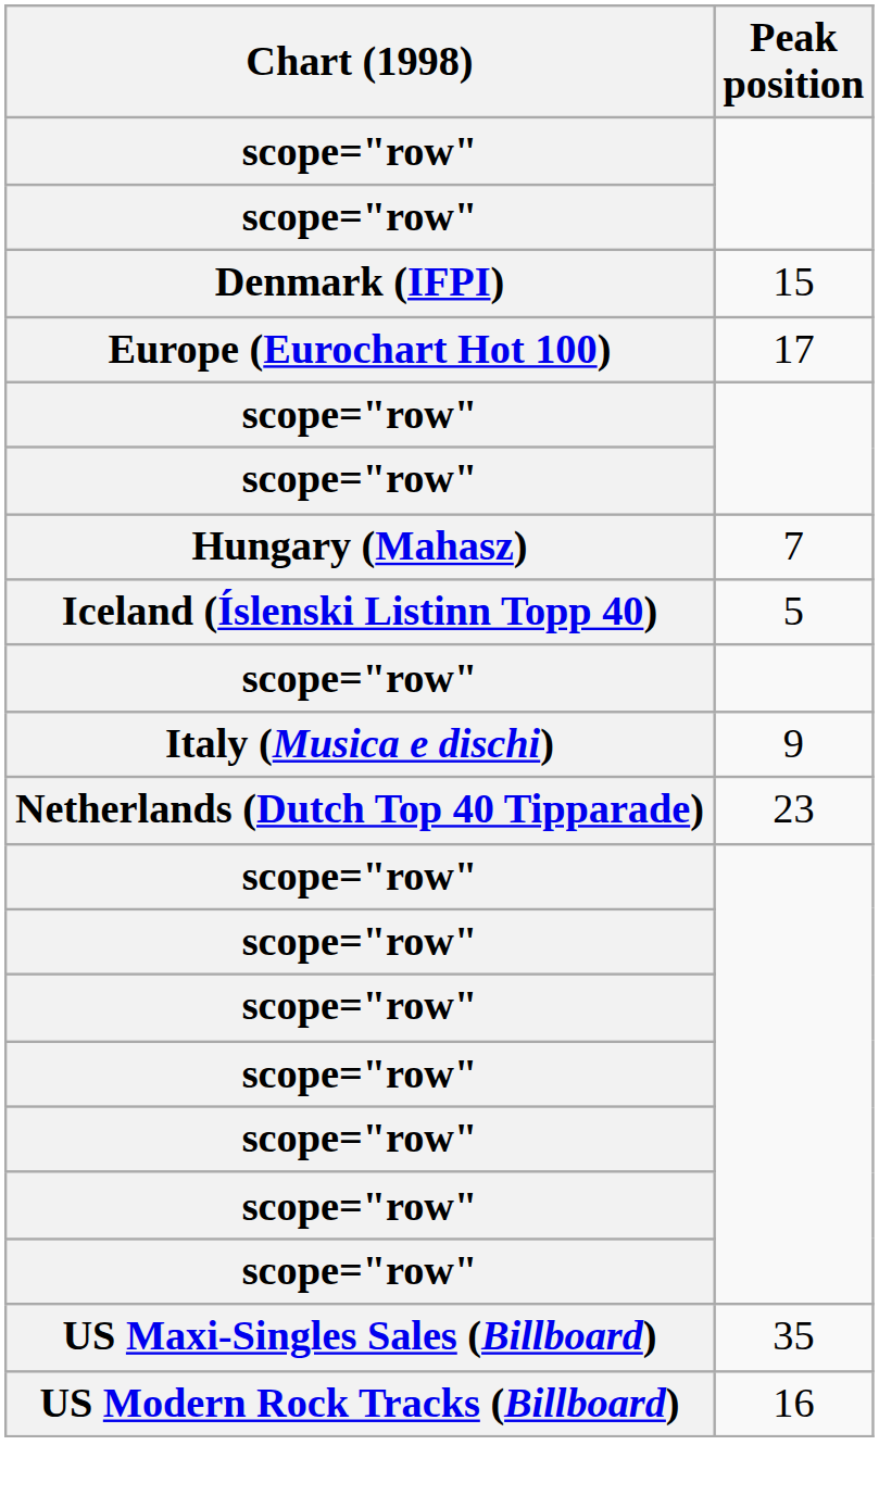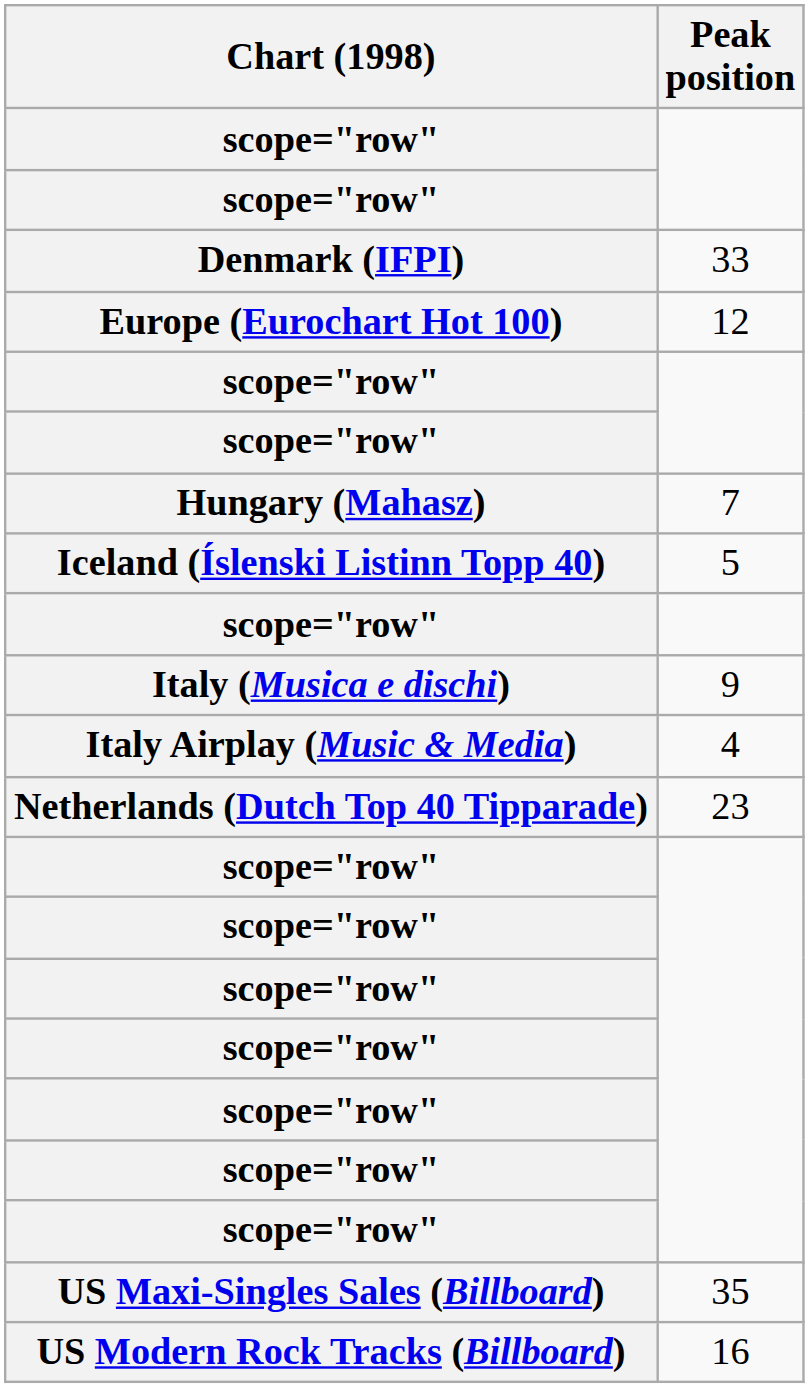 <table class="wikitable sortable plainrowheaders" style="text-align:center">
 <tr>
 <th scope="col">Chart (1998)</th>
 <th scope="col">Peak<br>position</th>
 </tr>
 <tr>
 <th>scope="row"</th>
 </tr>
 <tr>
 <th>scope="row"</th>
 </tr>
 <tr>
 <th scope="row">Denmark (<a href='#'>IFPI</a>)</th>
-<td>15</td>
+<td>33</td>
 </tr>
 <tr>
 <th scope="row">Europe (<a href='#'>Eurochart Hot 100</a>)</th>
-<td>17</td>
+<td>12</td>
 </tr>
 <tr>
 <th>scope="row"</th>
 </tr>
 <tr>
 <th>scope="row"</th>
 </tr>
 <tr>
 <th scope="row">Hungary (<a href='#'>Mahasz</a>)</th>
 <td>7</td>
 </tr>
 <tr>
 <th scope="row">Iceland (<a href='#'>Íslenski Listinn Topp 40</a>)</th>
 <td>5</td>
 </tr>
 <tr>
 <th>scope="row"</th>
 </tr>
 <tr>
 <th scope="row">Italy (<em><a href='#'>Musica e dischi</a></em>)</th>
 <td>9</td>
+</tr>
+<tr>
+<th scope="row">Italy Airplay (<em><a href='#'>Music & Media</a></em>)</th>
+<td>4</td>
 </tr>
 <tr>
 <th scope="row">Netherlands (<a href='#'>Dutch Top 40 Tipparade</a>)</th>
 <td>23</td>
 </tr>
 <tr>
 <th>scope="row"</th>
 </tr>
 <tr>
 <th>scope="row"</th>
 </tr>
 <tr>
 <th>scope="row"</th>
 </tr>
 <tr>
 <th>scope="row"</th>
 </tr>
 <tr>
 <th>scope="row"</th>
 </tr>
 <tr>
 <th>scope="row"</th>
 </tr>
 <tr>
 <th>scope="row"</th>
 </tr>
 <tr>
 <th scope="row">US <a href='#'>Maxi-Singles Sales</a> (<em><a href='#'>Billboard</a></em>)<br></th>
 <td>35</td>
 </tr>
 <tr>
 <th scope="row">US <a href='#'>Modern Rock Tracks</a> (<em><a href='#'>Billboard</a></em>)</th>
 <td>16</td>
 </tr>
 </table>
